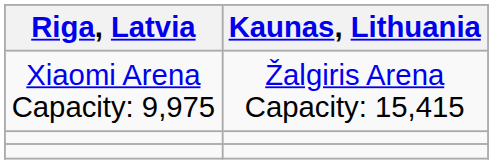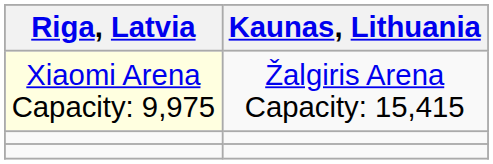 <table class="wikitable" style="text-align:center;">
 <tr>
 <th><a href='#'>Riga</a>, <a href='#'>Latvia</a></th>
 <th><a href='#'>Kaunas</a>, <a href='#'>Lithuania</a></th>
 </tr>
 <tr>
-<td><a href='#'>Xiaomi Arena</a><br>Capacity: 9,975</td>
+<td style="background: lightyellow;"><a href='#'>Xiaomi Arena</a><br>Capacity: 9,975</td>
 <td><a href='#'>Žalgiris Arena</a><br>Capacity: 15,415</td>
 </tr>
 <tr>
 <td></td>
 <td></td>
 </tr>
 <tr>
 <td></td>
 <td></td>
 </tr>
 </table>
